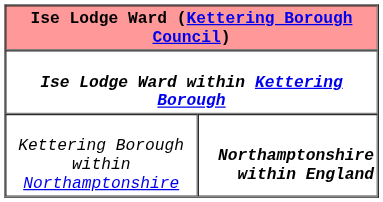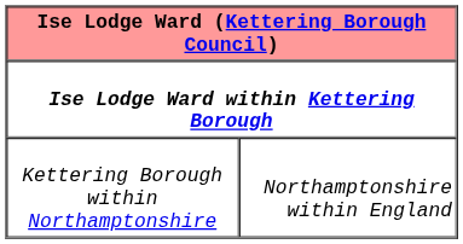 <table border=1 cellpadding="2" cellspacing="0" align="right" width=300>
 <tr>
 <th colspan=2 align=center bgcolor="#ff9999">Ise Lodge Ward (<a href='#'>Kettering Borough Council</a>)</th>
 </tr>
 <tr>
 <th colspan=2 alignn=center><br><em>Ise Lodge Ward within <a href='#'>Kettering Borough</a></em></th>
 </tr>
 <tr>
 <td align=center><br><em>Kettering Borough within <a href='#'>Northamptonshire</a></em></td>
-<td align=right><strong><br><em>Northamptonshire within England</em></strong></td>
+<td align=right><br><em>Northamptonshire within England</em></td>
 </tr>
 </table>
